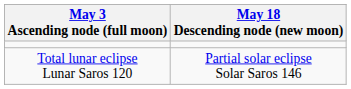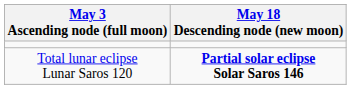 <table class="wikitable">
 <tr>
 <th><a href='#'>May 3</a><br>Ascending node (full moon)</th>
 <th><a href='#'>May 18</a><br>Descending node (new moon)</th>
 </tr>
 <tr>
 <td></td>
 <td></td>
 </tr>
 <tr align=center>
 <td><a href='#'>Total lunar eclipse</a><br>Lunar Saros 120</td>
-<td><a href='#'>Partial solar eclipse</a><br>Solar Saros 146</td>
+<td><strong><a href='#'>Partial solar eclipse</a><br>Solar Saros 146</strong></td>
 </tr>
 </table>
